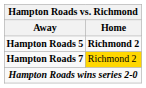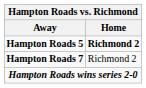 <table class="wikitable">
 <tr>
 <th bgcolor="#DDDDDD" colspan="4">Hampton Roads vs. Richmond</th>
 </tr>
 <tr>
 <th>Away</th>
 <th>Home</th>
 </tr>
 <tr>
 <td align="right"><strong>Hampton Roads 5</strong></td>
 <td><strong>Richmond 2</strong></td>
 </tr>
 <tr>
 <td align="right"><strong>Hampton Roads 7</strong></td>
-<td style="background: gold;">Richmond 2</td>
+<td>Richmond 2</td>
 </tr>
 <tr align="center">
 <td colspan="4"><strong><em>Hampton Roads wins series 2-0</em></strong></td>
 </tr>
 </table>
